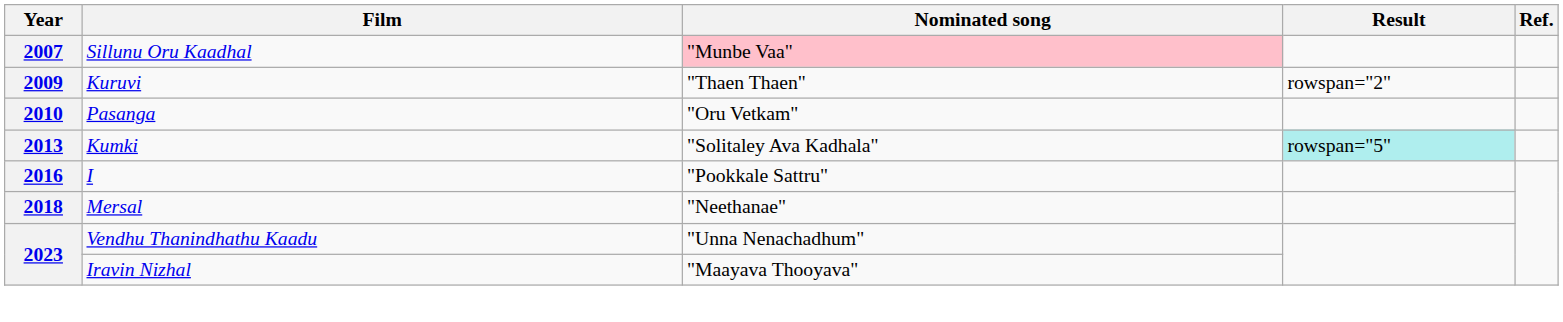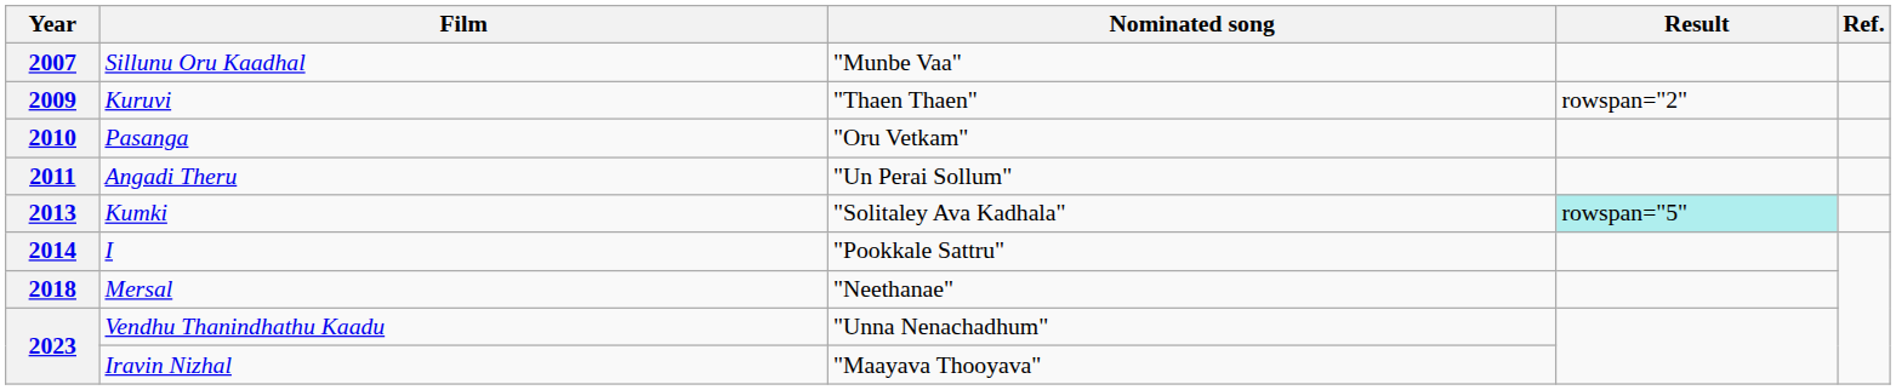 <table class="wikitable plainrowheaders" width="100%" textcolor:#000;">
 <tr>
 <th scope="col" width=5%><strong>Year</strong></th>
 <th scope="col" width=39%><strong>Film</strong></th>
 <th scope="col" width=39%><strong>Nominated song</strong></th>
 <th scope="col" width=15%><strong>Result</strong></th>
 <th scope="col" width=2%><strong>Ref.</strong></th>
 </tr>
 <tr>
 <th scope="row"><a href='#'>2007</a></th>
 <td><em><a href='#'>Sillunu Oru Kaadhal</a></em></td>
-<td style="background: pink;">"Munbe Vaa"</td>
+<td>"Munbe Vaa"</td>
 <td></td>
 <td></td>
 </tr>
 <tr>
 <th scope="row"><a href='#'>2009</a></th>
 <td><em><a href='#'>Kuruvi</a></em></td>
 <td>"Thaen Thaen"</td>
 <td>rowspan="2" </td>
 <td></td>
 </tr>
 <tr>
 <th scope="row"><a href='#'>2010</a></th>
 <td><em><a href='#'>Pasanga</a></em></td>
 <td>"Oru Vetkam"</td>
 <td></td>
 </tr>
 <tr>
+<th scope="row"><a href='#'>2011</a></th>
+<td><em><a href='#'>Angadi Theru</a></em></td>
+<td>"Un Perai Sollum"</td>
+<td></td>
+<td></td>
+</tr>
+<tr>
 <th scope="row"><a href='#'>2013</a></th>
 <td><em><a href='#'>Kumki</a></em></td>
 <td>"Solitaley Ava Kadhala"</td>
 <td style="background: paleturquoise;">rowspan="5" </td>
 <td></td>
 </tr>
 <tr>
-<th scope="row"><a href='#'>2016</a></th>
+<th scope="row"><a href='#'>2014</a></th>
 <td><em><a href='#'>I</a></em></td>
 <td>"Pookkale Sattru"</td>
 <td></td>
 </tr>
 <tr>
 <th scope="row"><a href='#'>2018</a></th>
 <td><em><a href='#'>Mersal</a></em></td>
 <td>"Neethanae"</td>
 <td></td>
 </tr>
 <tr>
 <th scope="row" rowspan="2"><a href='#'>2023</a></th>
 <td><em><a href='#'>Vendhu Thanindhathu Kaadu</a></em></td>
 <td>"Unna Nenachadhum"</td>
 <td rowspan="2"></td>
 </tr>
 <tr>
 <td><em><a href='#'>Iravin Nizhal</a></em></td>
 <td>"Maayava Thooyava"</td>
 </tr>
 </table>
